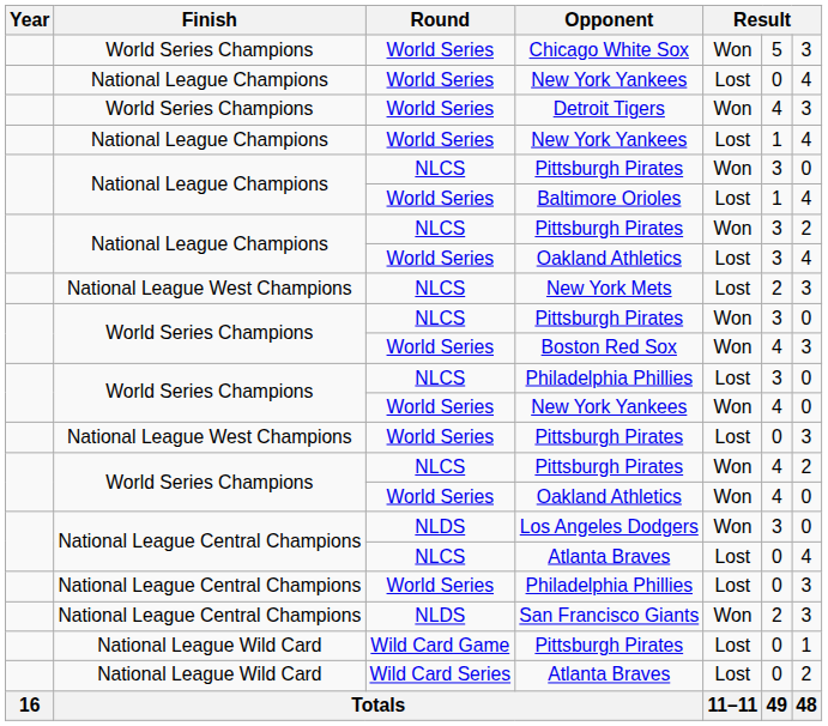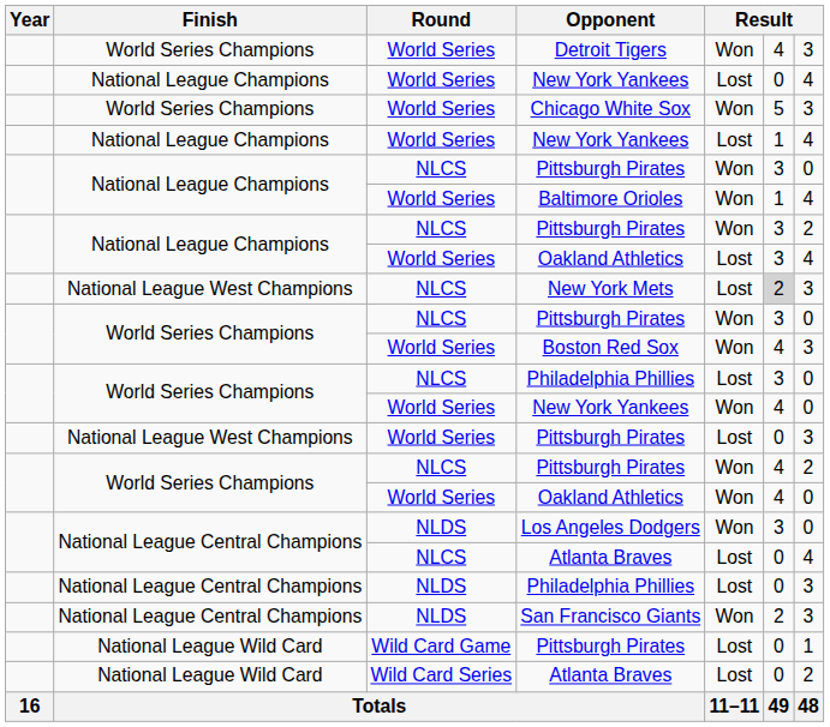 <table class="wikitable">
 <tr>
 <th colspan=1>Year</th>
 <th colspan=1>Finish</th>
 <th colspan=1>Round</th>
 <th colspan=1>Opponent</th>
 <th colspan=3>Result</th>
 </tr>
 <tr>
 <td align="center"></td>
 <td align="center">World Series Champions</td>
 <td align="center"><a href='#'>World Series</a></td>
-<td align="center"><a href='#'>Chicago White Sox</a></td>
+<td align="center"><a href='#'>Detroit Tigers</a></td>
 <td align="center">Won</td>
-<td align="center">5</td>
+<td align="center">4</td>
 <td align="center">3</td>
 </tr>
 <tr>
 <td align="center"></td>
 <td align="center">National League Champions</td>
 <td align="center"><a href='#'>World Series</a></td>
 <td align="center"><a href='#'>New York Yankees</a></td>
 <td align="center">Lost</td>
 <td align="center">0</td>
 <td align="center">4</td>
 </tr>
 <tr>
 <td align="center"></td>
 <td align="center">World Series Champions</td>
 <td align="center"><a href='#'>World Series</a></td>
-<td align="center"><a href='#'>Detroit Tigers</a></td>
+<td align="center"><a href='#'>Chicago White Sox</a></td>
 <td align="center">Won</td>
-<td align="center">4</td>
+<td align="center">5</td>
 <td align="center">3</td>
 </tr>
 <tr>
 <td align="center"></td>
 <td align="center">National League Champions</td>
 <td align="center"><a href='#'>World Series</a></td>
 <td align="center"><a href='#'>New York Yankees</a></td>
 <td align="center">Lost</td>
 <td align="center">1</td>
 <td align="center">4</td>
 </tr>
 <tr>
 <td align="center" rowspan="2"></td>
 <td align="center" rowspan="2">National League Champions</td>
 <td align="center"><a href='#'>NLCS</a></td>
 <td align="center"><a href='#'>Pittsburgh Pirates</a></td>
 <td align="center">Won</td>
 <td align="center">3</td>
 <td align="center">0</td>
 </tr>
 <tr>
 <td align="center"><a href='#'>World Series</a></td>
 <td align="center"><a href='#'>Baltimore Orioles</a></td>
-<td align="center">Lost</td>
+<td align="center">Won</td>
 <td align="center">1</td>
 <td align="center">4</td>
 </tr>
 <tr>
 <td align="center" rowspan="2"></td>
 <td align="center" rowspan="2">National League Champions</td>
 <td align="center"><a href='#'>NLCS</a></td>
 <td align="center"><a href='#'>Pittsburgh Pirates</a></td>
 <td align="center">Won</td>
 <td align="center">3</td>
 <td align="center">2</td>
 </tr>
 <tr>
 <td align="center"><a href='#'>World Series</a></td>
 <td align="center"><a href='#'>Oakland Athletics</a></td>
 <td align="center">Lost</td>
 <td align="center">3</td>
 <td align="center">4</td>
 </tr>
 <tr>
 <td align="center"></td>
 <td align="center">National League West Champions</td>
 <td align="center"><a href='#'>NLCS</a></td>
 <td align="center"><a href='#'>New York Mets</a></td>
 <td align="center">Lost</td>
-<td align="center">2</td>
+<td align="center" style="background: lightgrey;">2</td>
 <td align="center">3</td>
 </tr>
 <tr>
 <td align="center" rowspan="2"></td>
 <td align="center" rowspan="2">World Series Champions</td>
 <td align="center"><a href='#'>NLCS</a></td>
 <td align="center"><a href='#'>Pittsburgh Pirates</a></td>
 <td align="center">Won</td>
 <td align="center">3</td>
 <td align="center">0</td>
 </tr>
 <tr>
 <td align="center"><a href='#'>World Series</a></td>
 <td align="center"><a href='#'>Boston Red Sox</a></td>
 <td align="center">Won</td>
 <td align="center">4</td>
 <td align="center">3</td>
 </tr>
 <tr>
 <td align="center" rowspan="2"></td>
 <td align="center" rowspan="2">World Series Champions</td>
 <td align="center"><a href='#'>NLCS</a></td>
 <td align="center"><a href='#'>Philadelphia Phillies</a></td>
 <td align="center">Lost</td>
 <td align="center">3</td>
 <td align="center">0</td>
 </tr>
 <tr>
 <td align="center"><a href='#'>World Series</a></td>
 <td align="center"><a href='#'>New York Yankees</a></td>
 <td align="center">Won</td>
 <td align="center">4</td>
 <td align="center">0</td>
 </tr>
 <tr>
 <td align="center"></td>
 <td align="center">National League West Champions</td>
 <td align="center"><a href='#'>World Series</a></td>
 <td align="center"><a href='#'>Pittsburgh Pirates</a></td>
 <td align="center">Lost</td>
 <td align="center">0</td>
 <td align="center">3</td>
 </tr>
 <tr>
 <td align="center" rowspan="2"></td>
 <td align="center" rowspan="2">World Series Champions</td>
 <td align="center"><a href='#'>NLCS</a></td>
 <td align="center"><a href='#'>Pittsburgh Pirates</a></td>
 <td align="center">Won</td>
 <td align="center">4</td>
 <td align="center">2</td>
 </tr>
 <tr>
 <td align="center"><a href='#'>World Series</a></td>
 <td align="center"><a href='#'>Oakland Athletics</a></td>
 <td align="center">Won</td>
 <td align="center">4</td>
 <td align="center">0</td>
 </tr>
 <tr>
 <td align="center" rowspan="2"></td>
 <td align="center" rowspan="2">National League Central Champions</td>
 <td align="center"><a href='#'>NLDS</a></td>
 <td align="center"><a href='#'>Los Angeles Dodgers</a></td>
 <td align="center">Won</td>
 <td align="center">3</td>
 <td align="center">0</td>
 </tr>
 <tr>
 <td align="center"><a href='#'>NLCS</a></td>
 <td align="center"><a href='#'>Atlanta Braves</a></td>
 <td align="center">Lost</td>
 <td align="center">0</td>
 <td align="center">4</td>
 </tr>
 <tr>
 <td align="center"></td>
 <td align="center">National League Central Champions</td>
-<td align="center"><a href='#'>World Series</a></td>
+<td align="center"><a href='#'>NLDS</a></td>
 <td align="center"><a href='#'>Philadelphia Phillies</a></td>
 <td align="center">Lost</td>
 <td align="center">0</td>
 <td align="center">3</td>
 </tr>
 <tr>
 <td align="center"></td>
 <td align="center">National League Central Champions</td>
 <td align="center"><a href='#'>NLDS</a></td>
 <td align="center"><a href='#'>San Francisco Giants</a></td>
 <td align="center">Won</td>
 <td align="center">2</td>
 <td align="center">3</td>
 </tr>
 <tr>
 <td align="center"></td>
 <td align="center">National League Wild Card</td>
 <td align="center"><a href='#'>Wild Card Game</a></td>
 <td align="center"><a href='#'>Pittsburgh Pirates</a></td>
 <td align="center">Lost</td>
 <td align="center">0</td>
 <td align="center">1</td>
 </tr>
 <tr>
 <td align="center"></td>
 <td align="center">National League Wild Card</td>
 <td align="center"><a href='#'>Wild Card Series</a></td>
 <td align="center"><a href='#'>Atlanta Braves</a></td>
 <td align="center">Lost</td>
 <td align="center">0</td>
 <td align="center">2</td>
 </tr>
 <tr>
 <th align="center">16</th>
 <th colspan="3">Totals</th>
 <th>11–11</th>
 <th>49</th>
 <th>48</th>
 </tr>
 </table>
